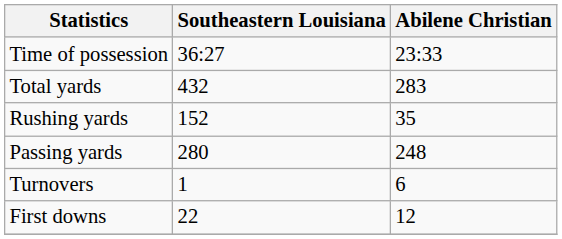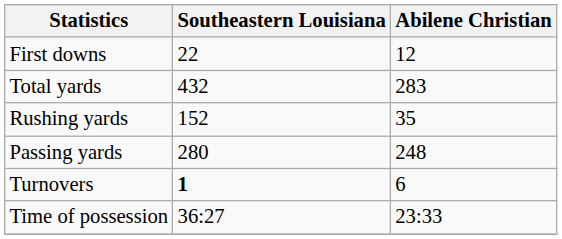 <table class="wikitable">
 <tr>
 <th>Statistics</th>
 <th>Southeastern Louisiana</th>
 <th>Abilene Christian</th>
 </tr>
 <tr>
-<td>Time of possession</td>
-<td>36:27</td>
-<td>23:33</td>
+<td>First downs</td>
+<td>22</td>
+<td>12</td>
 </tr>
 <tr>
 <td>Total yards</td>
 <td>432</td>
 <td>283</td>
 </tr>
 <tr>
 <td>Rushing yards</td>
 <td>152</td>
 <td>35</td>
 </tr>
 <tr>
 <td>Passing yards</td>
 <td>280</td>
 <td>248</td>
 </tr>
 <tr>
 <td>Turnovers</td>
-<td>1</td>
+<td><strong>1</strong></td>
 <td>6</td>
 </tr>
 <tr>
-<td>First downs</td>
-<td>22</td>
-<td>12</td>
+<td>Time of possession</td>
+<td>36:27</td>
+<td>23:33</td>
 </tr>
 <tr>
 </tr>
 </table>
